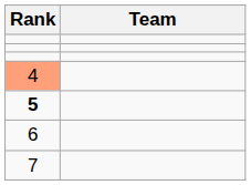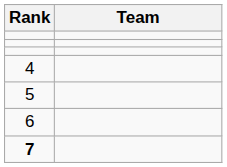 <table class="wikitable" style="text-align: center;">
 <tr>
 <th width=40>Rank</th>
 <th width=150>Team</th>
 </tr>
 <tr>
 <td></td>
 <td align=left></td>
 </tr>
 <tr>
 <td></td>
 <td align=left></td>
 </tr>
 <tr>
 <td></td>
 <td align=left></td>
 </tr>
 <tr>
-<td style="background: lightsalmon;">4</td>
+<td>4</td>
 <td align=left></td>
 </tr>
 <tr>
-<td><strong>5</strong></td>
+<td>5</td>
 <td align=left></td>
 </tr>
 <tr>
 <td>6</td>
 <td align=left></td>
 </tr>
 <tr>
-<td>7</td>
+<td><strong>7</strong></td>
 <td align=left></td>
 </tr>
 </table>
